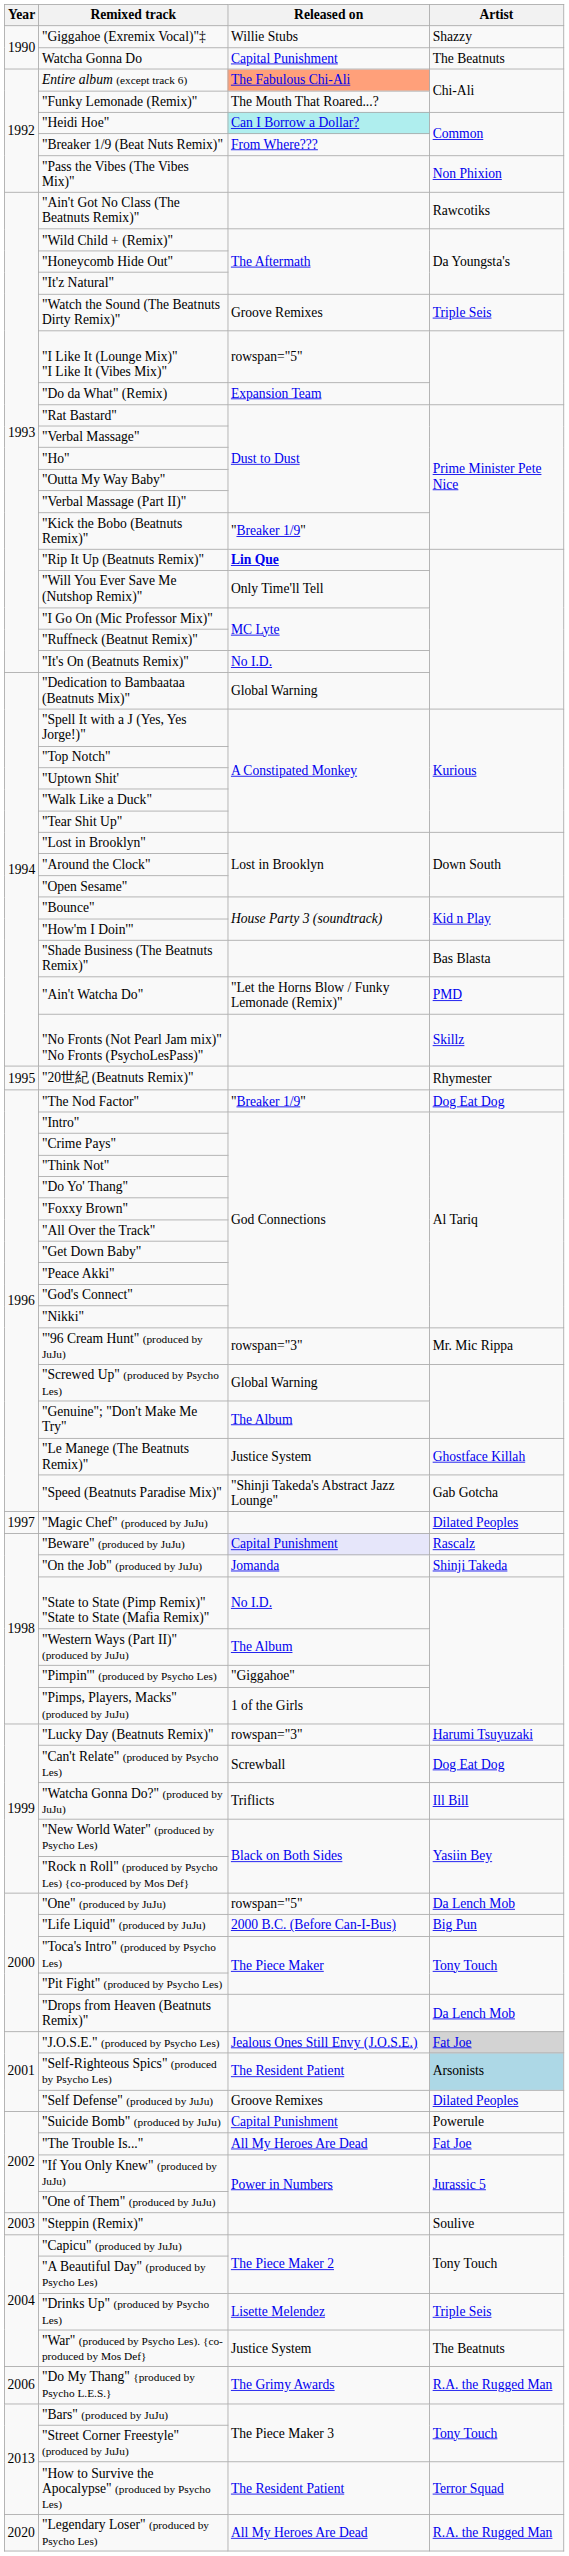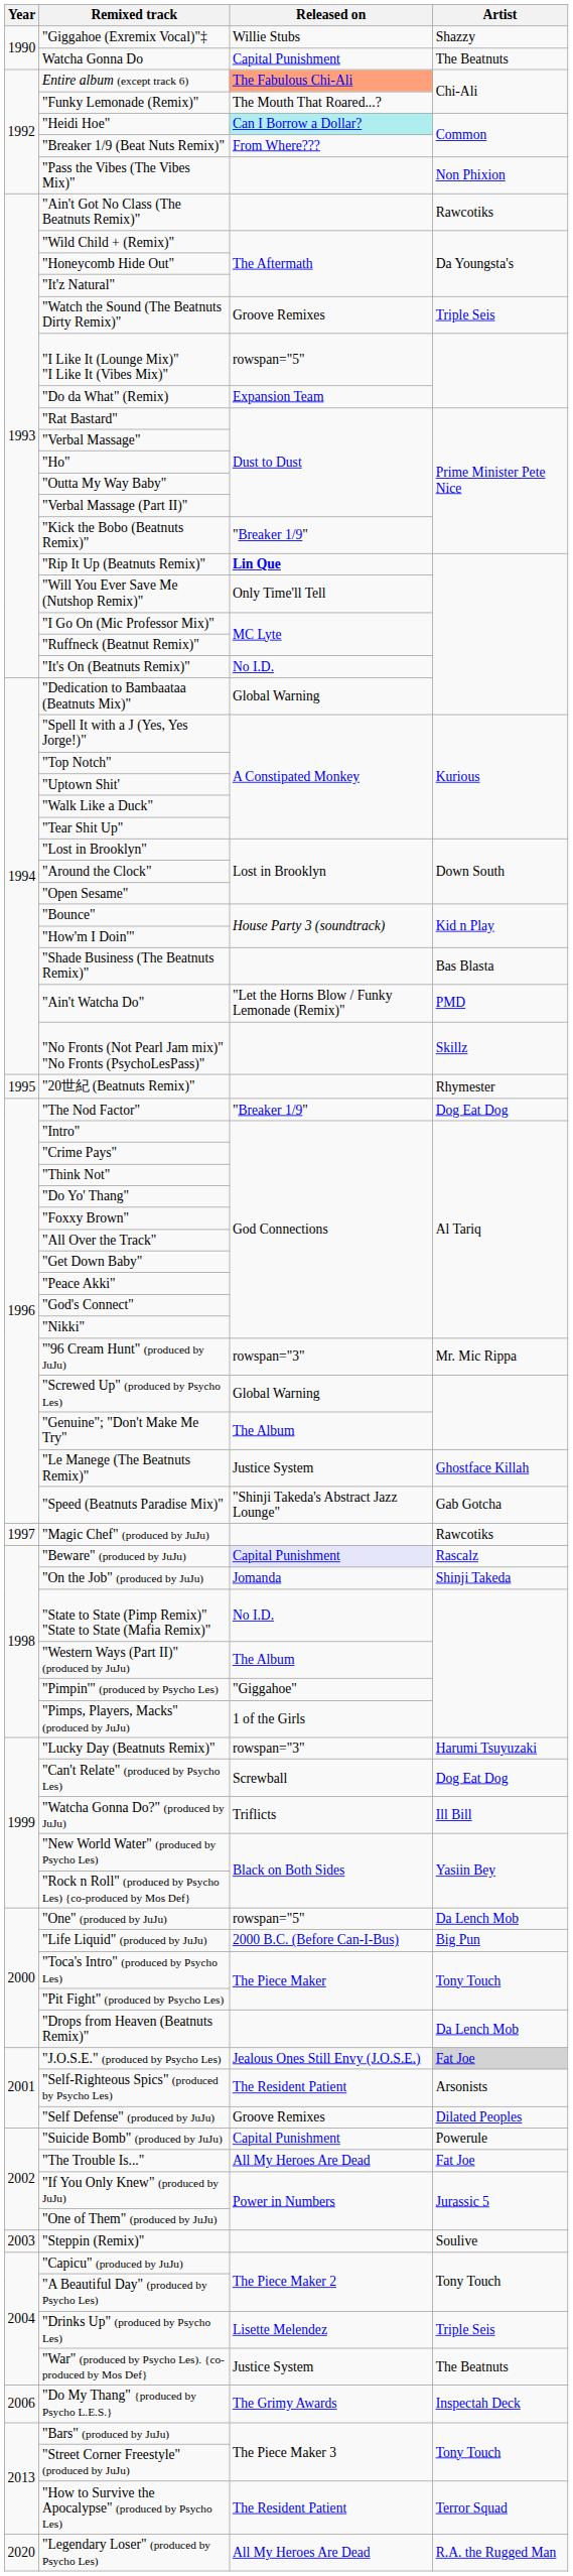 <table class="wikitable">
 <tr>
 <th width="33">Year</th>
 <th width="215">Remixed track</th>
 <th width="230">Released on</th>
 <th width="150">Artist</th>
 </tr>
 <tr>
 <td rowspan="2" align="center">1990</td>
 <td>"Giggahoe (Exremix Vocal)"‡</td>
 <td>Willie Stubs</td>
 <td>Shazzy</td>
 </tr>
 <tr>
 <td>Watcha Gonna Do</td>
 <td><a href='#'>Capital Punishment</a></td>
 <td>The Beatnuts</td>
 </tr>
 <tr>
 <td rowspan="5">1992</td>
 <td><em>Entire album</em> <small>(except track 6)</small></td>
 <td style="background: lightsalmon;"><a href='#'>The Fabulous Chi-Ali</a></td>
 <td rowspan="2">Chi-Ali</td>
 </tr>
 <tr>
 <td>"Funky Lemonade (Remix)"</td>
 <td>The Mouth That Roared...?</td>
 </tr>
 <tr>
 <td>"Heidi Hoe"</td>
 <td style="background: paleturquoise;"><a href='#'>Can I Borrow a Dollar?</a></td>
 <td rowspan="2"><a href='#'>Common</a></td>
 </tr>
 <tr>
 <td>"Breaker 1/9 (Beat Nuts Remix)"</td>
 <td><a href='#'>From Where???</a></td>
 </tr>
 <tr>
 <td>"Pass the Vibes (The Vibes Mix)"</td>
 <td></td>
 <td><a href='#'>Non Phixion</a></td>
 </tr>
 <tr>
 <td rowspan="18" align="center">1993</td>
 <td>"Ain't Got No Class (The Beatnuts Remix)"</td>
 <td></td>
 <td>Rawcotiks</td>
 </tr>
 <tr>
 <td>"Wild Child + (Remix)"</td>
 <td rowspan="3"><a href='#'>The Aftermath</a></td>
 <td rowspan="3">Da Youngsta's</td>
 </tr>
 <tr>
 <td>"Honeycomb Hide Out"</td>
 </tr>
 <tr>
 <td>"It'z Natural"</td>
 </tr>
 <tr>
 <td>"Watch the Sound (The Beatnuts Dirty Remix)"</td>
 <td>Groove Remixes</td>
 <td><a href='#'>Triple Seis</a></td>
 </tr>
 <tr>
 <td><br>"I Like It (Lounge Mix)"<br> "I Like It (Vibes Mix)"</td>
 <td>rowspan="5" </td>
 </tr>
 <tr>
 <td>"Do da What" (Remix)</td>
 <td><a href='#'>Expansion Team</a></td>
 </tr>
 <tr>
 <td>"Rat Bastard"</td>
 <td rowspan="5"><a href='#'>Dust to Dust</a></td>
 <td rowspan="6"><a href='#'>Prime Minister Pete Nice</a></td>
 </tr>
 <tr>
 <td>"Verbal Massage"</td>
 </tr>
 <tr>
 <td>"Ho"</td>
 </tr>
 <tr>
 <td>"Outta My Way Baby"</td>
 </tr>
 <tr>
 <td>"Verbal Massage (Part II)"</td>
 </tr>
 <tr>
 <td>"Kick the Bobo (Beatnuts Remix)"</td>
 <td>"<a href='#'>Breaker 1/9</a>"</td>
 </tr>
 <tr>
 <td>"Rip It Up (Beatnuts Remix)"</td>
 <td><strong><a href='#'>Lin Que</a></strong></td>
 </tr>
 <tr>
 <td>"Will You Ever Save Me (Nutshop Remix)"</td>
 <td>Only Time'll Tell</td>
 </tr>
 <tr>
 <td>"I Go On (Mic Professor Mix)"</td>
 <td rowspan="2"><a href='#'>MC Lyte</a></td>
 </tr>
 <tr>
 <td>"Ruffneck (Beatnut Remix)"</td>
 </tr>
 <tr>
 <td>"It's On (Beatnuts Remix)"</td>
 <td><a href='#'>No I.D.</a></td>
 </tr>
 <tr>
 <td rowspan="14" align="center">1994</td>
 <td>"Dedication to Bambaataa (Beatnuts Mix)"</td>
 <td>Global Warning</td>
 </tr>
 <tr>
 <td>"Spell It with a J (Yes, Yes Jorge!)"</td>
 <td rowspan="5"><a href='#'>A Constipated Monkey</a></td>
 <td rowspan="5"><a href='#'>Kurious</a></td>
 </tr>
 <tr>
 <td>"Top Notch"</td>
 </tr>
 <tr>
 <td>"Uptown Shit'</td>
 </tr>
 <tr>
 <td>"Walk Like a Duck"</td>
 </tr>
 <tr>
 <td>"Tear Shit Up"</td>
 </tr>
 <tr>
 <td>"Lost in Brooklyn"</td>
 <td rowspan="3">Lost in Brooklyn</td>
 <td rowspan="3">Down South</td>
 </tr>
 <tr>
 <td>"Around the Clock"</td>
 </tr>
 <tr>
 <td>"Open Sesame"</td>
 </tr>
 <tr>
 <td>"Bounce"</td>
 <td rowspan="2"><em>House Party 3 (soundtrack)</em></td>
 <td rowspan="2"><a href='#'>Kid n Play</a></td>
 </tr>
 <tr>
 <td>"How'm I Doin'"</td>
 </tr>
 <tr>
 <td>"Shade Business (The Beatnuts Remix)"</td>
 <td></td>
 <td>Bas Blasta</td>
 </tr>
 <tr>
 <td>"Ain't Watcha Do"</td>
 <td>"Let the Horns Blow / Funky Lemonade (Remix)"</td>
 <td><a href='#'>PMD</a></td>
 </tr>
 <tr>
 <td><br>"No Fronts (Not Pearl Jam mix)"<br> "No Fronts (PsychoLesPass)"</td>
 <td></td>
 <td><a href='#'>Skillz</a></td>
 </tr>
 <tr>
 <td align="center" rowspan="1">1995</td>
 <td>"20世紀 (Beatnuts Remix)"</td>
 <td></td>
 <td>Rhymester</td>
 </tr>
 <tr>
 <td rowspan="16">1996</td>
 <td>"The Nod Factor"</td>
 <td>"<a href='#'>Breaker 1/9</a>"</td>
 <td><a href='#'>Dog Eat Dog</a></td>
 </tr>
 <tr>
 <td>"Intro"</td>
 <td rowspan="10">God Connections</td>
 <td rowspan="10">Al Tariq</td>
 </tr>
 <tr>
 <td>"Crime Pays"</td>
 </tr>
 <tr>
 <td>"Think Not"</td>
 </tr>
 <tr>
 <td>"Do Yo' Thang"</td>
 </tr>
 <tr>
 <td>"Foxxy Brown"</td>
 </tr>
 <tr>
 <td>"All Over the Track"</td>
 </tr>
 <tr>
 <td>"Get Down Baby"</td>
 </tr>
 <tr>
 <td>"Peace Akki"</td>
 </tr>
 <tr>
 <td>"God's Connect"</td>
 </tr>
 <tr>
 <td>"Nikki"</td>
 </tr>
 <tr>
 <td>"'96 Cream Hunt" <small>(produced by JuJu)</small></td>
 <td>rowspan="3" </td>
 <td>Mr. Mic Rippa</td>
 </tr>
 <tr>
 <td>"Screwed Up" <small>(produced by Psycho Les)</small></td>
 <td>Global Warning</td>
 </tr>
 <tr>
 <td>"Genuine"; "Don't Make Me Try"</td>
 <td><a href='#'>The Album</a></td>
 </tr>
 <tr>
 <td>"Le Manege (The Beatnuts Remix)"</td>
 <td>Justice System</td>
 <td><a href='#'>Ghostface Killah</a></td>
 </tr>
 <tr>
 <td>"Speed (Beatnuts Paradise Mix)"</td>
 <td>"Shinji Takeda's Abstract Jazz Lounge"</td>
 <td>Gab Gotcha</td>
 </tr>
 <tr>
 <td>1997</td>
 <td>"Magic Chef" <small>(produced by JuJu)</small></td>
 <td></td>
-<td><a href='#'>Dilated Peoples</a></td>
+<td>Rawcotiks</td>
 </tr>
 <tr>
 <td rowspan="6">1998</td>
 <td>"Beware" <small>(produced by JuJu)</small></td>
 <td style="background: lavender;"><a href='#'>Capital Punishment</a></td>
 <td><a href='#'>Rascalz</a></td>
 </tr>
 <tr>
 <td>"On the Job" <small>(produced by JuJu)</small></td>
 <td><a href='#'>Jomanda</a></td>
 <td><a href='#'>Shinji Takeda</a></td>
 </tr>
 <tr>
 <td><br>"State to State (Pimp Remix)"<br> "State to State (Mafia Remix)"</td>
 <td><a href='#'>No I.D.</a></td>
 </tr>
 <tr>
 <td>"Western Ways (Part II)" <small>(produced by JuJu)</small></td>
 <td><a href='#'>The Album</a></td>
 </tr>
 <tr>
 <td>"Pimpin'" <small>(produced by Psycho Les)</small></td>
 <td>"Giggahoe"</td>
 </tr>
 <tr>
 <td>"Pimps, Players, Macks" <small>(produced by JuJu)</small></td>
 <td>1 of the Girls</td>
 </tr>
 <tr>
 <td rowspan="5">1999</td>
 <td>"Lucky Day (Beatnuts Remix)"</td>
 <td>rowspan="3" </td>
 <td><a href='#'>Harumi Tsuyuzaki</a></td>
 </tr>
 <tr>
 <td>"Can't Relate" <small>(produced by Psycho Les)</small></td>
 <td>Screwball</td>
 <td><a href='#'>Dog Eat Dog</a></td>
 </tr>
 <tr>
 <td>"Watcha Gonna Do?" <small>(produced by JuJu)</small></td>
 <td>Triflicts</td>
 <td><a href='#'>Ill Bill</a></td>
 </tr>
 <tr>
 <td>"New World Water" <small>(produced by Psycho Les)</small></td>
 <td rowspan="2"><a href='#'>Black on Both Sides</a></td>
 <td rowspan="2"><a href='#'>Yasiin Bey</a></td>
 </tr>
 <tr>
 <td>"Rock n Roll" <small>(produced by Psycho Les) {co-produced by Mos Def}</small></td>
 </tr>
 <tr>
 <td rowspan="5">2000</td>
 <td>"One" <small>(produced by JuJu)</small></td>
 <td>rowspan="5" </td>
 <td><a href='#'>Da Lench Mob</a></td>
 </tr>
 <tr>
 <td>"Life Liquid" <small>(produced by JuJu)</small></td>
 <td><a href='#'>2000 B.C. (Before Can-I-Bus)</a></td>
 <td><a href='#'>Big Pun</a></td>
 </tr>
 <tr>
 <td>"Toca's Intro" <small>(produced by Psycho Les)</small></td>
 <td rowspan="2"><a href='#'>The Piece Maker</a></td>
 <td rowspan="2"><a href='#'>Tony Touch</a></td>
 </tr>
 <tr>
 <td>"Pit Fight" <small>(produced by Psycho Les)</small></td>
 </tr>
 <tr>
 <td>"Drops from Heaven (Beatnuts Remix)"</td>
 <td></td>
 <td><a href='#'>Da Lench Mob</a></td>
 </tr>
 <tr>
 <td rowspan="3">2001</td>
 <td>"J.O.S.E." <small>(produced by Psycho Les)</small></td>
 <td><a href='#'>Jealous Ones Still Envy (J.O.S.E.)</a></td>
 <td style="background: lightgrey;"><a href='#'>Fat Joe</a></td>
 </tr>
 <tr>
 <td>"Self-Righteous Spics" <small>(produced by Psycho Les)</small></td>
 <td><a href='#'>The Resident Patient</a></td>
-<td style="background: lightblue;">Arsonists</td>
+<td>Arsonists</td>
 </tr>
 <tr>
 <td>"Self Defense" <small>(produced by JuJu)</small></td>
 <td>Groove Remixes</td>
 <td><a href='#'>Dilated Peoples</a></td>
 </tr>
 <tr>
 <td rowspan="4">2002</td>
 <td>"Suicide Bomb" <small>(produced by JuJu)</small></td>
 <td><a href='#'>Capital Punishment</a></td>
 <td>Powerule</td>
 </tr>
 <tr>
 <td>"The Trouble Is..."</td>
 <td><a href='#'>All My Heroes Are Dead</a></td>
 <td><a href='#'>Fat Joe</a></td>
 </tr>
 <tr>
 <td>"If You Only Knew" <small>(produced by JuJu)</small></td>
 <td rowspan="2"><a href='#'>Power in Numbers</a></td>
 <td rowspan="2"><a href='#'>Jurassic 5</a></td>
 </tr>
 <tr>
 <td>"One of Them" <small>(produced by JuJu)</small></td>
 </tr>
 <tr>
 <td>2003</td>
 <td>"Steppin (Remix)"</td>
 <td></td>
 <td>Soulive</td>
 </tr>
 <tr>
 <td rowspan="4">2004</td>
 <td>"Capicu" <small>(produced by JuJu)</small></td>
 <td rowspan="2"><a href='#'>The Piece Maker 2</a></td>
 <td rowspan="2">Tony Touch</td>
 </tr>
 <tr>
 <td>"A Beautiful Day" <small>(produced by Psycho Les)</small></td>
 </tr>
 <tr>
 <td>"Drinks Up" <small>(produced by Psycho Les)</small></td>
 <td><a href='#'>Lisette Melendez</a></td>
 <td><a href='#'>Triple Seis</a></td>
 </tr>
 <tr>
 <td>"War" <small>(produced by Psycho Les). {co-produced by Mos Def}</small></td>
 <td>Justice System</td>
 <td>The Beatnuts</td>
 </tr>
 <tr>
 <td>2006</td>
 <td>"Do My Thang"  <small>{produced by Psycho L.E.S.}</small></td>
 <td><a href='#'>The Grimy Awards</a></td>
-<td><a href='#'>R.A. the Rugged Man</a></td>
+<td><a href='#'>Inspectah Deck</a></td>
 </tr>
 <tr>
 <td rowspan="3">2013</td>
 <td>"Bars" <small>(produced by JuJu)</small></td>
 <td rowspan="2">The Piece Maker 3</td>
 <td rowspan="2"><a href='#'>Tony Touch</a></td>
 </tr>
 <tr>
 <td>"Street Corner Freestyle" <small>(produced by JuJu)</small></td>
 </tr>
 <tr>
 <td>"How to Survive the Apocalypse" <small>(produced by Psycho Les)</small></td>
 <td><a href='#'>The Resident Patient</a></td>
 <td><a href='#'>Terror Squad</a></td>
 </tr>
 <tr>
 <td>2020</td>
 <td>"Legendary Loser" <small>(produced by Psycho Les)</small></td>
 <td><a href='#'>All My Heroes Are Dead</a></td>
 <td><a href='#'>R.A. the Rugged Man</a></td>
 </tr>
 </table>
